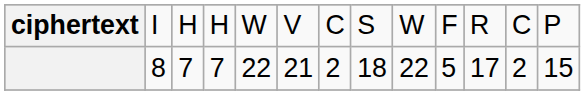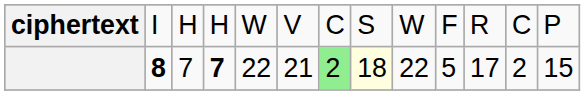 <table class="wikitable" border="1">
 <tr>
 <th>ciphertext</th>
 <td>I</td>
 <td>H</td>
 <td>H</td>
 <td>W</td>
 <td>V</td>
 <td>C</td>
 <td>S</td>
 <td>W</td>
 <td>F</td>
 <td>R</td>
 <td>C</td>
 <td>P</td>
 </tr>
 <tr>
 <th></th>
-<td>8</td>
+<td><strong>8</strong></td>
 <td>7</td>
-<td>7</td>
+<td><strong>7</strong></td>
 <td>22</td>
 <td>21</td>
-<td>2</td>
-<td>18</td>
+<td style="background: lightgreen;">2</td>
+<td style="background: lightyellow;">18</td>
 <td>22</td>
 <td>5</td>
 <td>17</td>
 <td>2</td>
 <td>15</td>
 </tr>
 </table>
